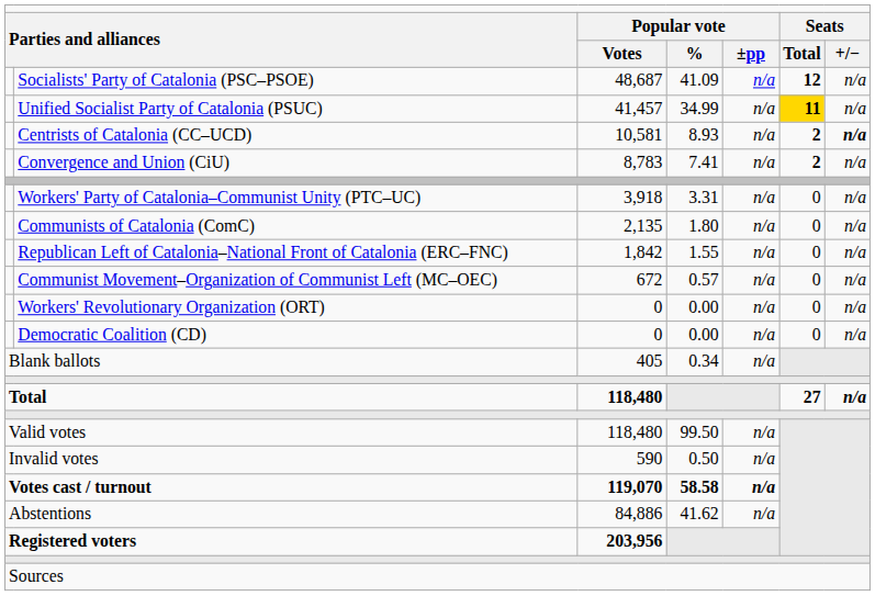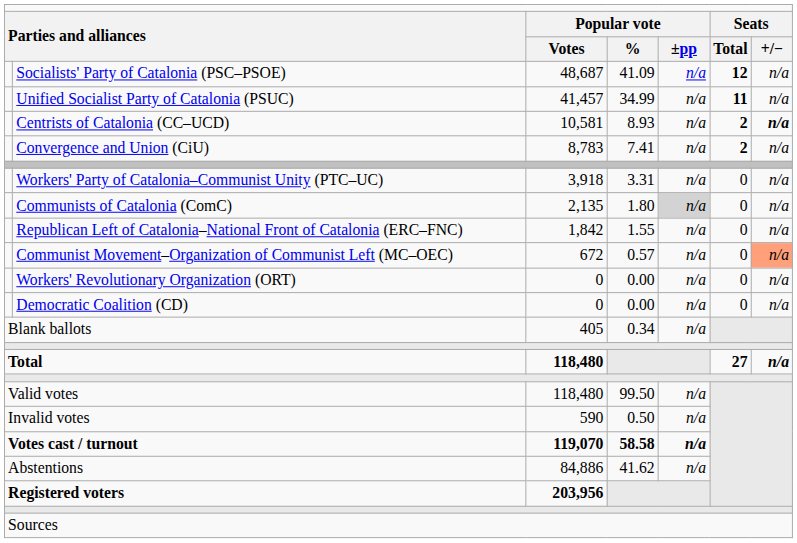 <table class="wikitable" style="text-align:right;">
 <tr>
 <td colspan="7"></td>
 </tr>
 <tr>
 <th style="text-align:left;" rowspan="2" colspan="2" width="525">Parties and alliances</th>
 <th colspan="3">Popular vote</th>
 <th colspan="2">Seats</th>
 </tr>
 <tr>
 <th width="75">Votes</th>
 <th width="45">%</th>
 <th width="45">±<a href='#'>pp</a></th>
 <th width="35">Total</th>
 <th width="35">+/−</th>
 </tr>
 <tr>
 <td width="1" style="color:inherit;background:"></td>
 <td align="left"><a href='#'>Socialists' Party of Catalonia</a> (PSC–PSOE)</td>
 <td>48,687</td>
 <td>41.09</td>
 <td><em><a href='#'>n/a</a></em></td>
 <td><strong>12</strong></td>
 <td><em>n/a</em></td>
 </tr>
 <tr>
 <td style="color:inherit;background:"></td>
 <td align="left"><a href='#'>Unified Socialist Party of Catalonia</a> (PSUC)</td>
 <td>41,457</td>
 <td>34.99</td>
 <td><em>n/a</em></td>
-<td style="background: gold;"><strong>11</strong></td>
+<td><strong>11</strong></td>
 <td><em>n/a</em></td>
 </tr>
 <tr>
 <td style="color:inherit;background:"></td>
 <td align="left"><a href='#'>Centrists of Catalonia</a> (CC–UCD)</td>
 <td>10,581</td>
 <td>8.93</td>
 <td><em>n/a</em></td>
 <td><strong>2</strong></td>
 <td><strong><em>n/a</em></strong></td>
 </tr>
 <tr>
 <td style="color:inherit;background:"></td>
 <td align="left"><a href='#'>Convergence and Union</a> (CiU)</td>
 <td>8,783</td>
 <td>7.41</td>
 <td><em>n/a</em></td>
 <td><strong>2</strong></td>
 <td><em>n/a</em></td>
 </tr>
 <tr>
 <td colspan="7" style="color:inherit;background:#C0C0C0"></td>
 </tr>
 <tr>
 <td style="color:inherit;background:"></td>
 <td align="left"><a href='#'>Workers' Party of Catalonia–Communist Unity</a> (PTC–UC)</td>
 <td>3,918</td>
 <td>3.31</td>
 <td><em>n/a</em></td>
 <td>0</td>
 <td><em>n/a</em></td>
 </tr>
 <tr>
 <td style="color:inherit;background:"></td>
 <td align="left"><a href='#'>Communists of Catalonia</a> (ComC)</td>
 <td>2,135</td>
 <td>1.80</td>
-<td><em>n/a</em></td>
+<td style="background: lightgrey;"><em>n/a</em></td>
 <td>0</td>
 <td><em>n/a</em></td>
 </tr>
 <tr>
 <td style="color:inherit;background:"></td>
 <td align="left"><a href='#'>Republican Left of Catalonia</a>–<a href='#'>National Front of Catalonia</a> (ERC–FNC)</td>
 <td>1,842</td>
 <td>1.55</td>
 <td><em>n/a</em></td>
 <td>0</td>
 <td><em>n/a</em></td>
 </tr>
 <tr>
 <td style="color:inherit;background:"></td>
 <td align="left"><a href='#'>Communist Movement</a>–<a href='#'>Organization of Communist Left</a> (MC–OEC)</td>
 <td>672</td>
 <td>0.57</td>
 <td><em>n/a</em></td>
 <td>0</td>
-<td><em>n/a</em></td>
+<td style="background: lightsalmon;"><em>n/a</em></td>
 </tr>
 <tr>
 <td style="color:inherit;background:"></td>
 <td align="left"><a href='#'>Workers' Revolutionary Organization</a> (ORT)</td>
 <td>0</td>
 <td>0.00</td>
 <td><em>n/a</em></td>
 <td>0</td>
 <td><em>n/a</em></td>
 </tr>
 <tr>
 <td style="color:inherit;background:"></td>
 <td align="left"><a href='#'>Democratic Coalition</a> (CD)</td>
 <td>0</td>
 <td>0.00</td>
 <td><em>n/a</em></td>
 <td>0</td>
 <td><em>n/a</em></td>
 </tr>
 <tr>
 <td align="left" colspan="2">Blank ballots</td>
 <td>405</td>
 <td>0.34</td>
 <td><em>n/a</em></td>
 <td style="color:inherit;background:#E9E9E9" colspan="2"></td>
 </tr>
 <tr>
 <td colspan="7" style="color:inherit;background:#E9E9E9"></td>
 </tr>
 <tr style="font-weight:bold;">
 <td align="left" colspan="2">Total</td>
 <td>118,480</td>
 <td bgcolor="#E9E9E9" colspan="2"></td>
 <td>27</td>
 <td><em>n/a</em></td>
 </tr>
 <tr>
 <td colspan="7" style="color:inherit;background:#E9E9E9"></td>
 </tr>
 <tr>
 <td align="left" colspan="2">Valid votes</td>
 <td>118,480</td>
 <td>99.50</td>
 <td><em>n/a</em></td>
 <td bgcolor="#E9E9E9" colspan="2" rowspan="5"></td>
 </tr>
 <tr>
 <td align="left" colspan="2">Invalid votes</td>
 <td>590</td>
 <td>0.50</td>
 <td><em>n/a</em></td>
 </tr>
 <tr style="font-weight:bold;">
 <td align="left" colspan="2">Votes cast / turnout</td>
 <td>119,070</td>
 <td>58.58</td>
 <td><em>n/a</em></td>
 </tr>
 <tr>
 <td align="left" colspan="2">Abstentions</td>
 <td>84,886</td>
 <td>41.62</td>
 <td><em>n/a</em></td>
 </tr>
 <tr style="font-weight:bold;">
 <td align="left" colspan="2">Registered voters</td>
 <td>203,956</td>
 <td bgcolor="#E9E9E9" colspan="2"></td>
 </tr>
 <tr>
 <td colspan="7" style="color:inherit;background:#E9E9E9"></td>
 </tr>
 <tr>
 <td align="left" colspan="7">Sources</td>
 </tr>
 </table>
